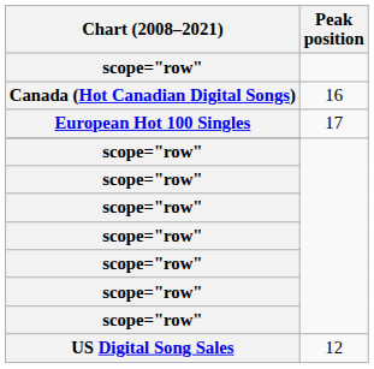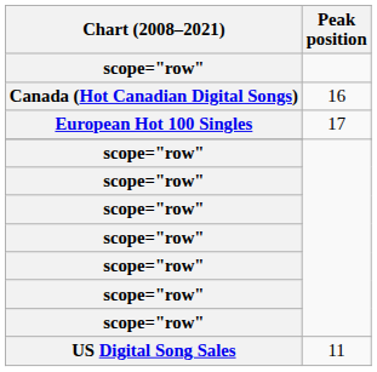 <table class="wikitable sortable plainrowheaders" style="text-align:center;">
 <tr>
 <th>Chart (2008–2021)</th>
 <th>Peak<br>position</th>
 </tr>
 <tr>
 <th>scope="row" </th>
 </tr>
 <tr>
 <th scope="row">Canada (<a href='#'>Hot Canadian Digital Songs</a>)</th>
 <td>16</td>
 </tr>
 <tr>
 <th scope="row"><a href='#'>European Hot 100 Singles</a></th>
 <td>17</td>
 </tr>
 <tr>
 </tr>
 <tr>
 <th>scope="row" </th>
 </tr>
 <tr>
 <th>scope="row" </th>
 </tr>
 <tr>
 <th>scope="row" </th>
 </tr>
 <tr>
 <th>scope="row" </th>
 </tr>
 <tr>
 <th>scope="row" </th>
 </tr>
 <tr>
 <th>scope="row" </th>
 </tr>
 <tr>
 <th>scope="row" </th>
 </tr>
 <tr>
 <th scope="row">US <a href='#'>Digital Song Sales</a></th>
-<td>12</td>
+<td>11</td>
 </tr>
 </table>
